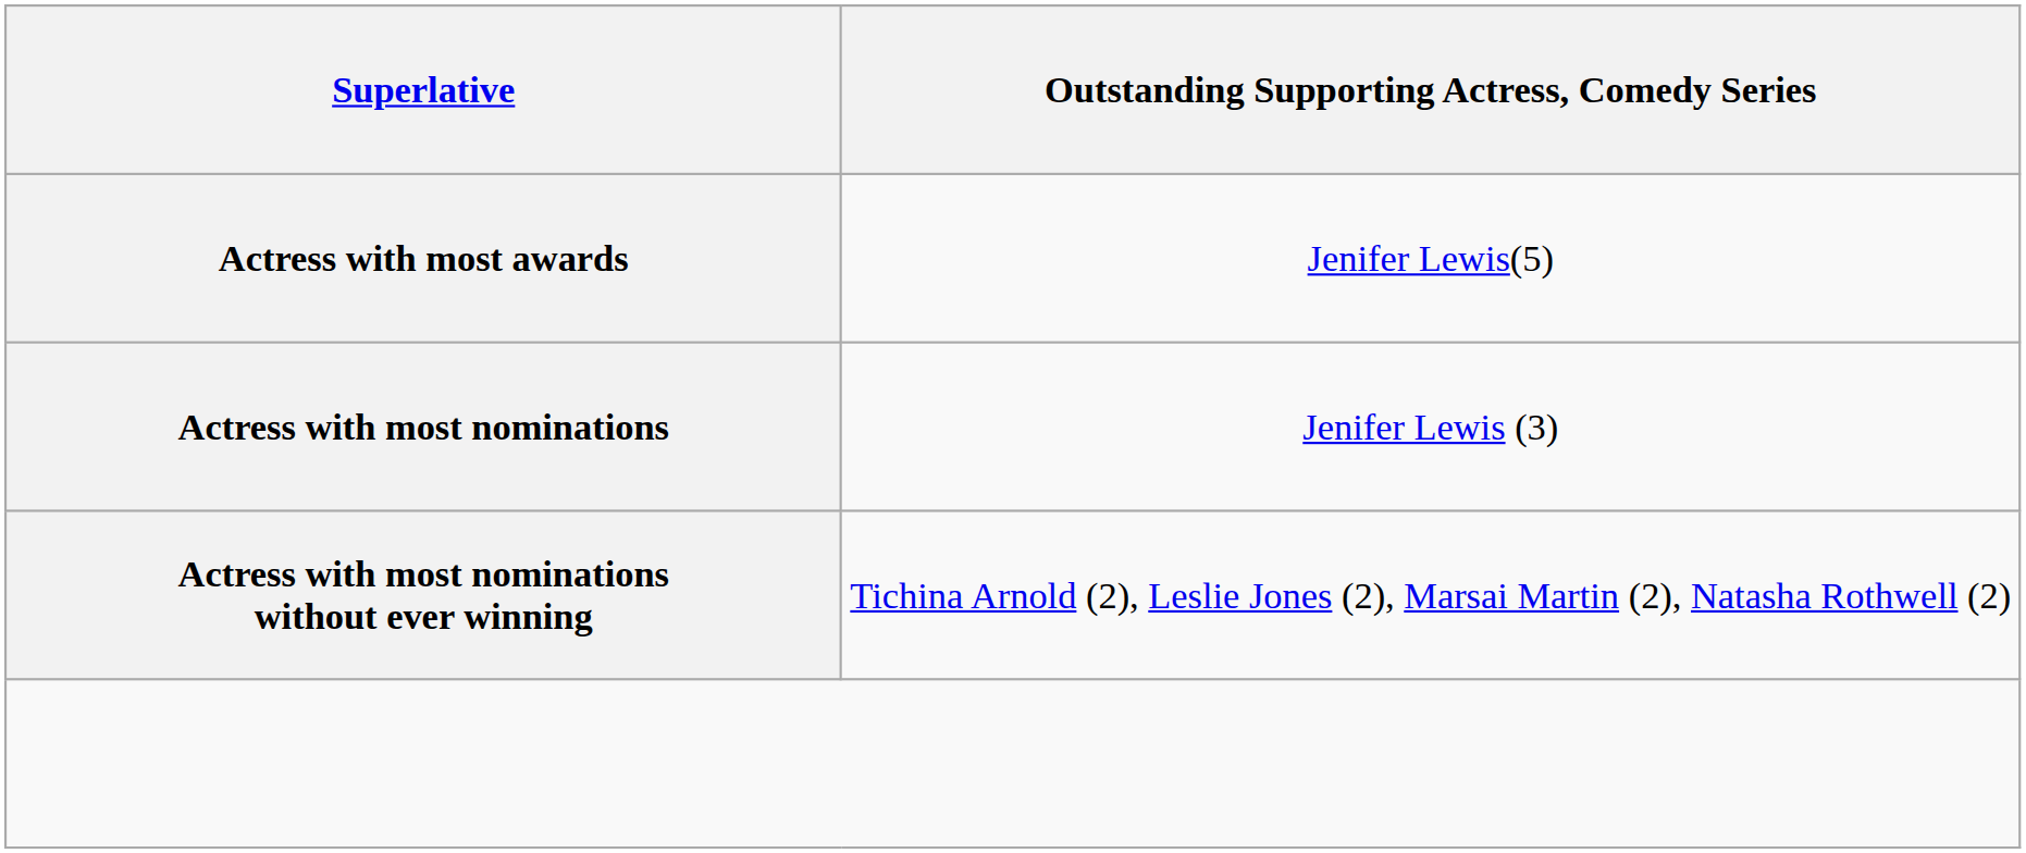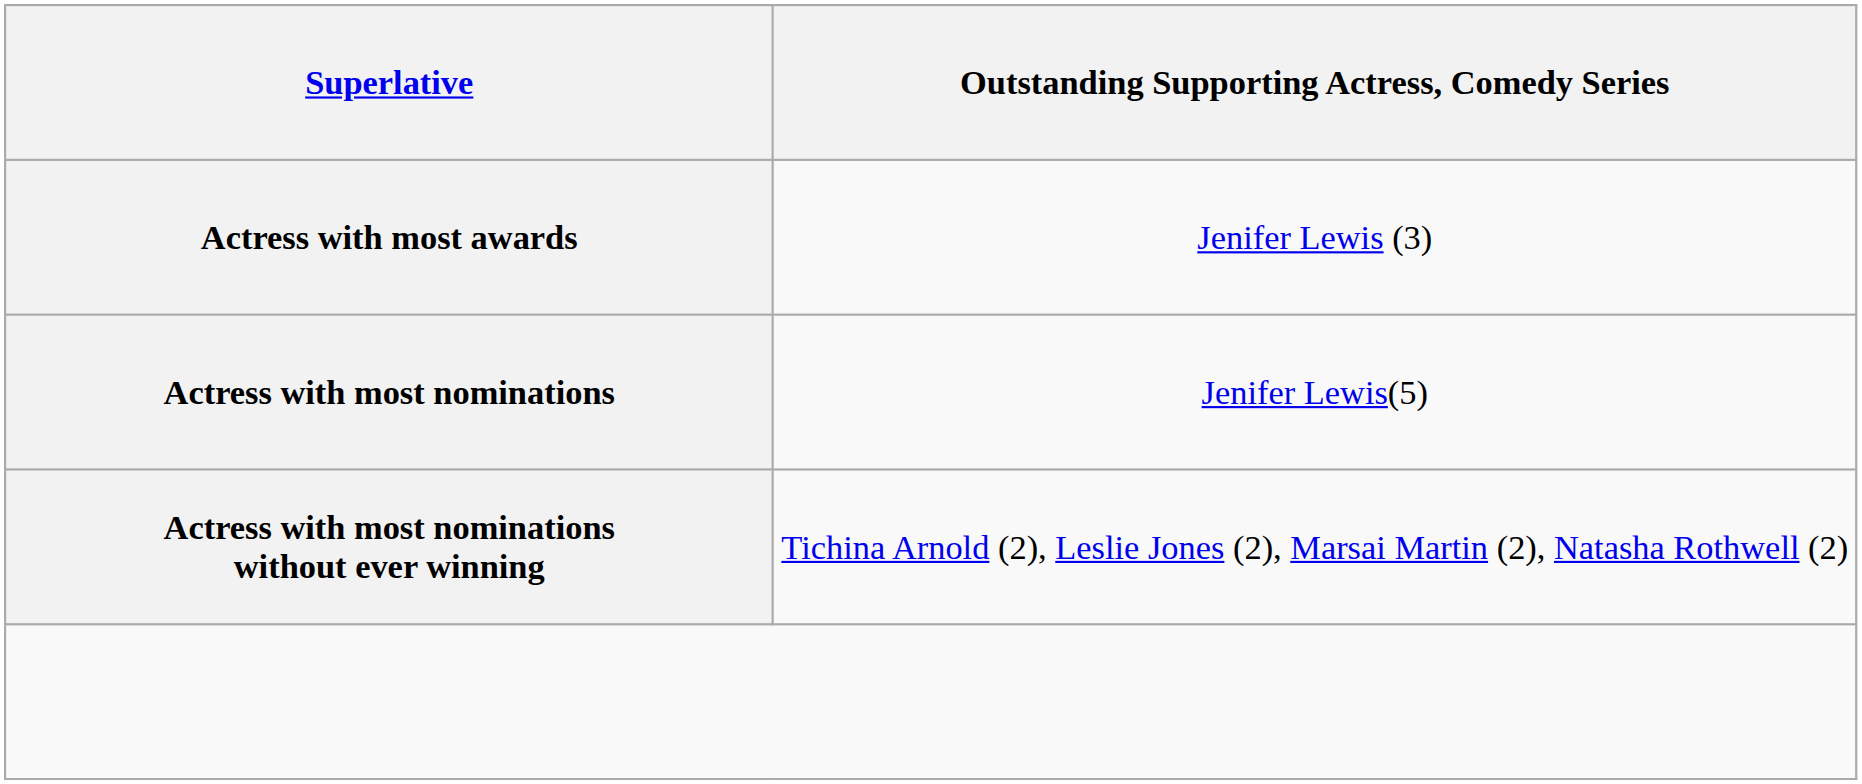 <table class="wikitable" style="text-align: center">
 <tr style="height:4.5em;">
 <th width="350"><strong><a href='#'>Superlative</a></strong></th>
 <th colspan="2" width="290"><strong> Outstanding Supporting Actress, Comedy Series</strong></th>
 </tr>
 <tr style="height:4.5em;">
 <th width="350">Actress with most awards</th>
-<td><a href='#'>Jenifer Lewis</a>(5)</td>
+<td><a href='#'>Jenifer Lewis</a> (3)</td>
 </tr>
 <tr style="height:4.5em;">
 <th>Actress with most nominations</th>
-<td><a href='#'>Jenifer Lewis</a> (3)</td>
+<td><a href='#'>Jenifer Lewis</a>(5)</td>
 </tr>
 <tr style="height:4.5em;">
 <th>Actress with most nominations <br> without ever winning</th>
 <td><a href='#'>Tichina Arnold</a> (2), <a href='#'>Leslie Jones</a> (2), <a href='#'>Marsai Martin</a> (2), <a href='#'>Natasha Rothwell</a> (2)</td>
 </tr>
 <tr style="height:4.5em;">
 </tr>
 </table>
